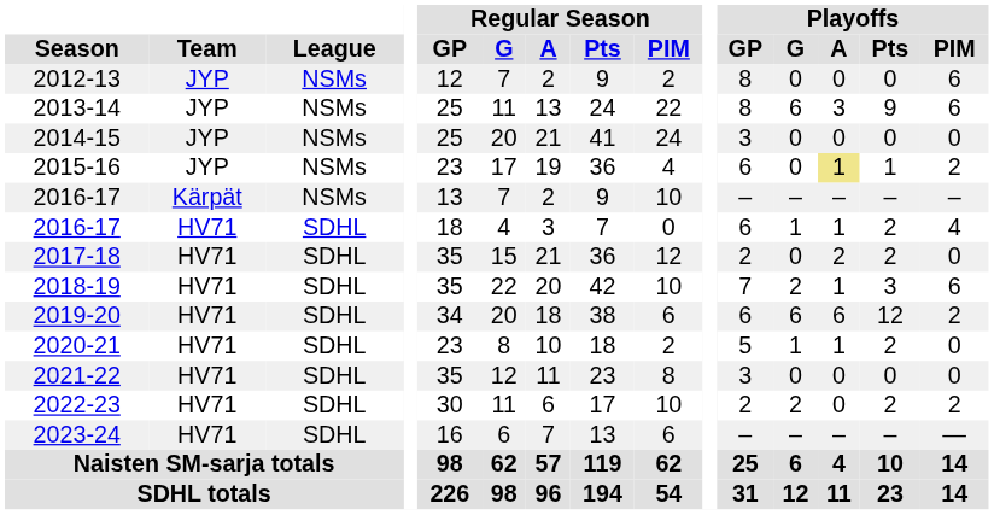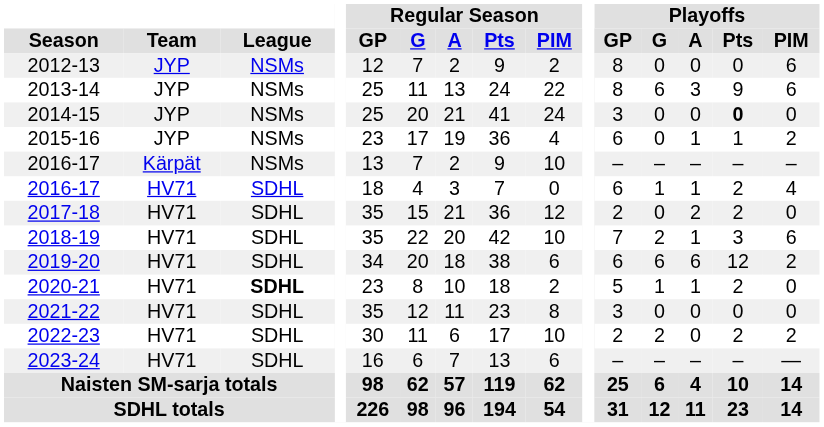 <table border="0" cellpadding="1" cellspacing="0" style="text-align:center; width:75%">
 <tr bgcolor="#e0e0e0">
 <th colspan="3"  bgcolor="#ffffff"> </th>
 <th rowspan="92" bgcolor="#ffffff"> </th>
 <th colspan="5">Regular Season</th>
 <th rowspan="92" bgcolor="#ffffff"> </th>
 <th colspan="5">Playoffs</th>
 </tr>
 <tr bgcolor="#e0e0e0">
 <th>Season</th>
 <th>Team</th>
 <th>League</th>
 <th>GP</th>
 <th><a href='#'>G</a></th>
 <th><a href='#'>A</a></th>
 <th><a href='#'>Pts</a></th>
 <th><a href='#'>PIM</a></th>
 <th>GP</th>
 <th>G</th>
 <th>A</th>
 <th>Pts</th>
 <th>PIM</th>
 </tr>
 <tr bgcolor="#f0f0f0">
 <td>2012-13</td>
 <td><a href='#'>JYP</a></td>
 <td><a href='#'>NSMs</a></td>
 <td>12</td>
 <td>7</td>
 <td>2</td>
 <td>9</td>
 <td>2</td>
 <td>8</td>
 <td>0</td>
 <td>0</td>
 <td>0</td>
 <td>6</td>
 </tr>
 <tr>
 <td>2013-14</td>
 <td>JYP</td>
 <td>NSMs</td>
 <td>25</td>
 <td>11</td>
 <td>13</td>
 <td>24</td>
 <td>22</td>
 <td>8</td>
 <td>6</td>
 <td>3</td>
 <td>9</td>
 <td>6</td>
 </tr>
 <tr bgcolor="#f0f0f0">
 <td>2014-15</td>
 <td>JYP</td>
 <td>NSMs</td>
 <td>25</td>
 <td>20</td>
 <td>21</td>
 <td>41</td>
 <td>24</td>
 <td>3</td>
 <td>0</td>
 <td>0</td>
-<td>0</td>
+<td><strong>0</strong></td>
 <td>0</td>
 </tr>
 <tr>
 <td>2015-16</td>
 <td>JYP</td>
 <td>NSMs</td>
 <td>23</td>
 <td>17</td>
 <td>19</td>
 <td>36</td>
 <td>4</td>
 <td>6</td>
 <td>0</td>
-<td style="background: khaki;">1</td>
+<td>1</td>
 <td>1</td>
 <td>2</td>
 </tr>
 <tr bgcolor="#f0f0f0">
 <td>2016-17</td>
 <td><a href='#'>Kärpät</a></td>
 <td>NSMs</td>
 <td>13</td>
 <td>7</td>
 <td>2</td>
 <td>9</td>
 <td>10</td>
 <td>–</td>
 <td>–</td>
 <td>–</td>
 <td>–</td>
 <td>–</td>
 </tr>
 <tr>
 <td><a href='#'>2016-17</a></td>
 <td><a href='#'>HV71</a></td>
 <td><a href='#'>SDHL</a></td>
 <td>18</td>
 <td>4</td>
 <td>3</td>
 <td>7</td>
 <td>0</td>
 <td>6</td>
 <td>1</td>
 <td>1</td>
 <td>2</td>
 <td>4</td>
 </tr>
 <tr bgcolor="#f0f0f0">
 <td><a href='#'>2017-18</a></td>
 <td>HV71</td>
 <td>SDHL</td>
 <td>35</td>
 <td>15</td>
 <td>21</td>
 <td>36</td>
 <td>12</td>
 <td>2</td>
 <td>0</td>
 <td>2</td>
 <td>2</td>
 <td>0</td>
 </tr>
 <tr>
 <td><a href='#'>2018-19</a></td>
 <td>HV71</td>
 <td>SDHL</td>
 <td>35</td>
 <td>22</td>
 <td>20</td>
 <td>42</td>
 <td>10</td>
 <td>7</td>
 <td>2</td>
 <td>1</td>
 <td>3</td>
 <td>6</td>
 </tr>
 <tr bgcolor="#f0f0f0">
 <td><a href='#'>2019-20</a></td>
 <td>HV71</td>
 <td>SDHL</td>
 <td>34</td>
 <td>20</td>
 <td>18</td>
 <td>38</td>
 <td>6</td>
 <td>6</td>
 <td>6</td>
 <td>6</td>
 <td>12</td>
 <td>2</td>
 </tr>
 <tr>
 <td><a href='#'>2020-21</a></td>
 <td>HV71</td>
-<td>SDHL</td>
+<td><strong>SDHL</strong></td>
 <td>23</td>
 <td>8</td>
 <td>10</td>
 <td>18</td>
 <td>2</td>
 <td>5</td>
 <td>1</td>
 <td>1</td>
 <td>2</td>
 <td>0</td>
 </tr>
 <tr bgcolor="#f0f0f0">
 <td><a href='#'>2021-22</a></td>
 <td>HV71</td>
 <td>SDHL</td>
 <td>35</td>
 <td>12</td>
 <td>11</td>
 <td>23</td>
 <td>8</td>
 <td>3</td>
 <td>0</td>
 <td>0</td>
 <td>0</td>
 <td>0</td>
 </tr>
 <tr>
 <td><a href='#'>2022-23</a></td>
 <td>HV71</td>
 <td>SDHL</td>
 <td>30</td>
 <td>11</td>
 <td>6</td>
 <td>17</td>
 <td>10</td>
 <td>2</td>
 <td>2</td>
 <td>0</td>
 <td>2</td>
 <td>2</td>
 </tr>
 <tr bgcolor="#f0f0f0">
 <td><a href='#'>2023-24</a></td>
 <td>HV71</td>
 <td>SDHL</td>
 <td>16</td>
 <td>6</td>
 <td>7</td>
 <td>13</td>
 <td>6</td>
 <td>–</td>
 <td>–</td>
 <td>–</td>
 <td>–</td>
 <td>—</td>
 </tr>
 <tr bgcolor="#e0e0e0">
 <th colspan="3">Naisten SM-sarja totals</th>
 <th>98</th>
 <th>62</th>
 <th>57</th>
 <th>119</th>
 <th>62</th>
 <th>25</th>
 <th>6</th>
 <th>4</th>
 <th>10</th>
 <th>14</th>
 </tr>
 <tr bgcolor="#e0e0e0">
 <th colspan="3">SDHL totals</th>
 <th>226</th>
 <th>98</th>
 <th>96</th>
 <th>194</th>
 <th>54</th>
 <th>31</th>
 <th>12</th>
 <th>11</th>
 <th>23</th>
 <th>14</th>
 </tr>
 </table>
